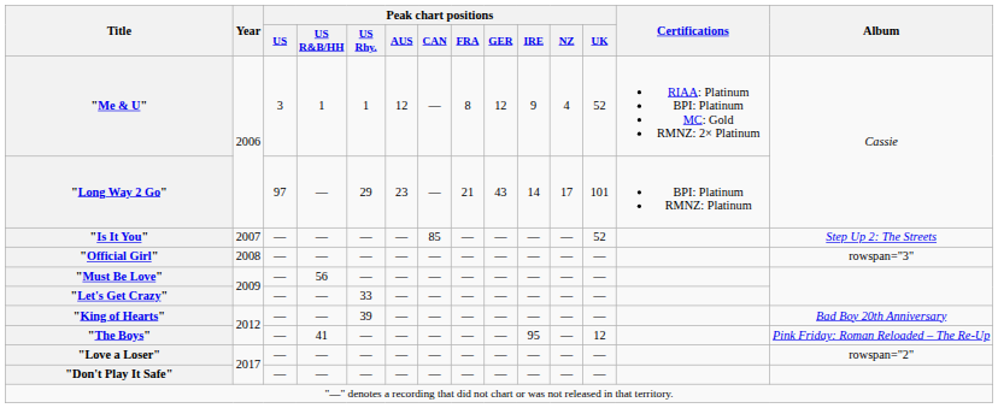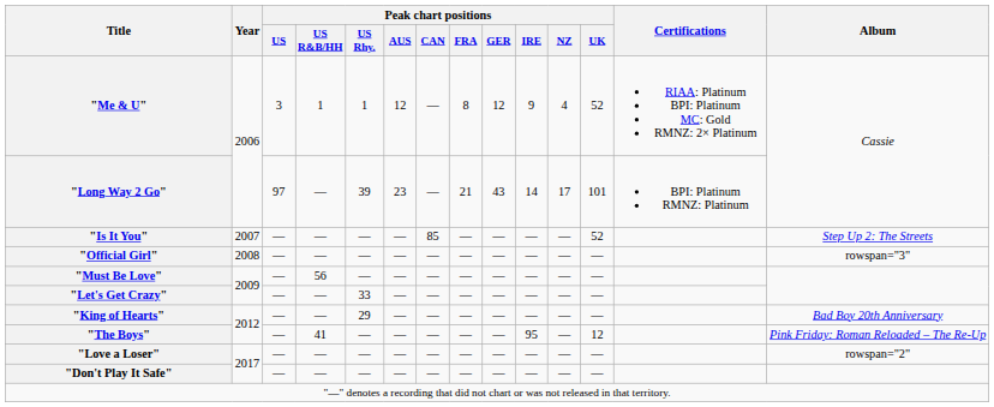 <table class="wikitable plainrowheaders" style="text-align:center;">
 <tr>
 <th scope="col" rowspan="2" style="width:18em;">Title</th>
 <th scope="col" rowspan="2">Year</th>
 <th scope="col" colspan="10">Peak chart positions</th>
 <th scope="col" rowspan="2" style="width:12em;"><a href='#'>Certifications</a></th>
 <th scope="col" rowspan="2">Album</th>
 </tr>
 <tr>
 <th scope="col" style="width:2.5em;font-size:90%;"><a href='#'>US</a><br></th>
 <th scope="col" style="width:2.5em;font-size:90%;"><a href='#'>US<br>R&B/HH</a><br></th>
 <th scope="col" style="width:3em;font-size:90%;"><a href='#'>US<br>Rhy.</a><br></th>
 <th scope="col" style="width:2.5em;font-size:90%;"><a href='#'>AUS</a><br></th>
 <th scope="col" style="width:2.5em;font-size:90%;"><a href='#'>CAN</a><br></th>
 <th scope="col" style="width:2.5em;font-size:90%;"><a href='#'>FRA</a><br></th>
 <th scope="col" style="width:2.5em;font-size:90%;"><a href='#'>GER</a><br></th>
 <th scope="col" style="width:2.5em;font-size:90%;"><a href='#'>IRE</a><br></th>
 <th scope="col" style="width:2.5em;font-size:90%;"><a href='#'>NZ</a><br></th>
 <th scope="col" style="width:2.5em;font-size:90%;"><a href='#'>UK</a><br></th>
 </tr>
 <tr>
 <th scope="row">"<a href='#'>Me & U</a>"</th>
 <td rowspan="2">2006</td>
 <td>3</td>
 <td>1</td>
 <td>1</td>
 <td>12</td>
 <td>—</td>
 <td>8</td>
 <td>12</td>
 <td>9</td>
 <td>4</td>
 <td>52</td>
 <td><br><ul><li><a href='#'>RIAA</a>: Platinum</li><li>BPI: Platinum</li><li><a href='#'>MC</a>: Gold</li><li>RMNZ: 2× Platinum</li></ul></td>
 <td rowspan="2"><em>Cassie</em></td>
 </tr>
 <tr>
 <th scope="row">"<a href='#'>Long Way 2 Go</a>"</th>
 <td>97</td>
 <td>—</td>
-<td>29</td>
+<td>39</td>
 <td>23</td>
 <td>—</td>
 <td>21</td>
 <td>43</td>
 <td>14</td>
 <td>17</td>
 <td>101</td>
 <td><br><ul><li>BPI: Platinum</li><li>RMNZ: Platinum</li></ul></td>
 </tr>
 <tr>
 <th scope="row">"<a href='#'>Is It You</a>"</th>
 <td>2007</td>
 <td>—</td>
 <td>—</td>
 <td>—</td>
 <td>—</td>
 <td>85</td>
 <td>—</td>
 <td>—</td>
 <td>—</td>
 <td>—</td>
 <td>52</td>
 <td></td>
 <td><em><a href='#'>Step Up 2: The Streets</a></em></td>
 </tr>
 <tr>
 <th scope="row">"<a href='#'>Official Girl</a>"<br></th>
 <td>2008</td>
 <td>—</td>
 <td>—</td>
 <td>—</td>
 <td>—</td>
 <td>—</td>
 <td>—</td>
 <td>—</td>
 <td>—</td>
 <td>—</td>
 <td>—</td>
 <td></td>
 <td>rowspan="3" </td>
 </tr>
 <tr>
 <th scope="row">"<a href='#'>Must Be Love</a>"<br></th>
 <td rowspan="2">2009</td>
 <td>—</td>
 <td>56</td>
 <td>—</td>
 <td>—</td>
 <td>—</td>
 <td>—</td>
 <td>—</td>
 <td>—</td>
 <td>—</td>
 <td>—</td>
 <td></td>
 </tr>
 <tr>
 <th scope="row">"<a href='#'>Let's Get Crazy</a>"<br></th>
 <td>—</td>
 <td>—</td>
 <td>33</td>
 <td>—</td>
 <td>—</td>
 <td>—</td>
 <td>—</td>
 <td>—</td>
 <td>—</td>
 <td>—</td>
 <td></td>
 </tr>
 <tr>
 <th scope="row">"<a href='#'>King of Hearts</a>"</th>
 <td rowspan="2">2012</td>
 <td>—</td>
 <td>—</td>
-<td>39</td>
+<td>29</td>
 <td>—</td>
 <td>—</td>
 <td>—</td>
 <td>—</td>
 <td>—</td>
 <td>—</td>
 <td>—</td>
 <td></td>
 <td><em><a href='#'>Bad Boy 20th Anniversary</a></em></td>
 </tr>
 <tr>
 <th scope="row">"<a href='#'>The Boys</a>"<br></th>
 <td>—</td>
 <td>41</td>
 <td>—</td>
 <td>—</td>
 <td>—</td>
 <td>—</td>
 <td>—</td>
 <td>95</td>
 <td>—</td>
 <td>12</td>
 <td></td>
 <td><em><a href='#'>Pink Friday: Roman Reloaded – The Re-Up</a></em></td>
 </tr>
 <tr>
 <th scope="row">"Love a Loser"<br></th>
 <td rowspan="2">2017</td>
 <td>—</td>
 <td>—</td>
 <td>—</td>
 <td>—</td>
 <td>—</td>
 <td>—</td>
 <td>—</td>
 <td>—</td>
 <td>—</td>
 <td>—</td>
 <td></td>
 <td>rowspan="2" </td>
 </tr>
 <tr>
 <th scope="row">"Don't Play It Safe"</th>
 <td>—</td>
 <td>—</td>
 <td>—</td>
 <td>—</td>
 <td>—</td>
 <td>—</td>
 <td>—</td>
 <td>—</td>
 <td>—</td>
 <td>—</td>
 <td></td>
 </tr>
 <tr>
 <td colspan="15" style="font-size:90%">"—" denotes a recording that did not chart or was not released in that territory.</td>
 </tr>
 </table>
